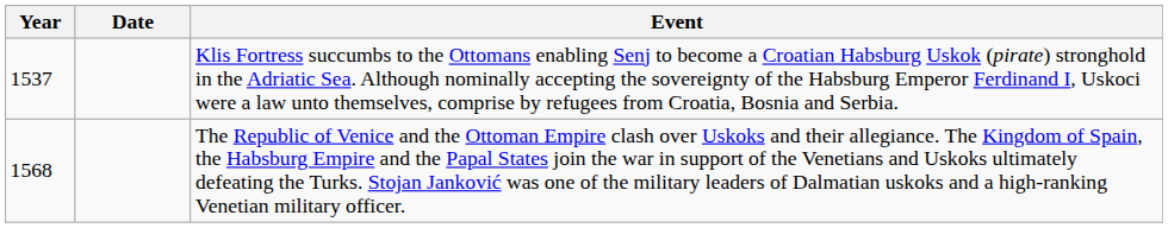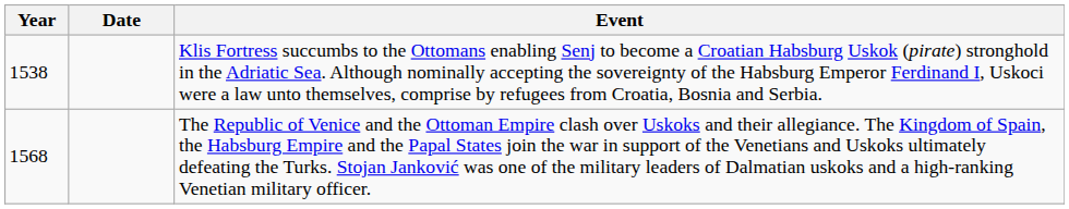 <table class="wikitable" width="100%">
 <tr>
 <th style="width:6%">Year</th>
 <th style="width:10%">Date</th>
 <th>Event</th>
 </tr>
 <tr>
-<td>1537</td>
+<td>1538</td>
 <td></td>
 <td><a href='#'>Klis Fortress</a> succumbs to the <a href='#'>Ottomans</a> enabling <a href='#'>Senj</a> to become a <a href='#'>Croatian Habsburg</a> <a href='#'>Uskok</a> (<em>pirate</em>) stronghold in the <a href='#'>Adriatic Sea</a>. Although nominally accepting the sovereignty of the Habsburg Emperor <a href='#'>Ferdinand I</a>, Uskoci were a law unto themselves, comprise by refugees from Croatia, Bosnia and Serbia.</td>
 </tr>
 <tr>
 <td>1568</td>
 <td></td>
 <td>The <a href='#'>Republic of Venice</a> and the <a href='#'>Ottoman Empire</a> clash over <a href='#'>Uskoks</a> and their allegiance. The <a href='#'>Kingdom of Spain</a>, the <a href='#'>Habsburg Empire</a> and the <a href='#'>Papal States</a> join the war in support of the Venetians and Uskoks ultimately defeating the Turks. <a href='#'>Stojan Janković</a> was one of the military leaders of Dalmatian uskoks and a high-ranking Venetian military officer.</td>
 </tr>
 </table>
